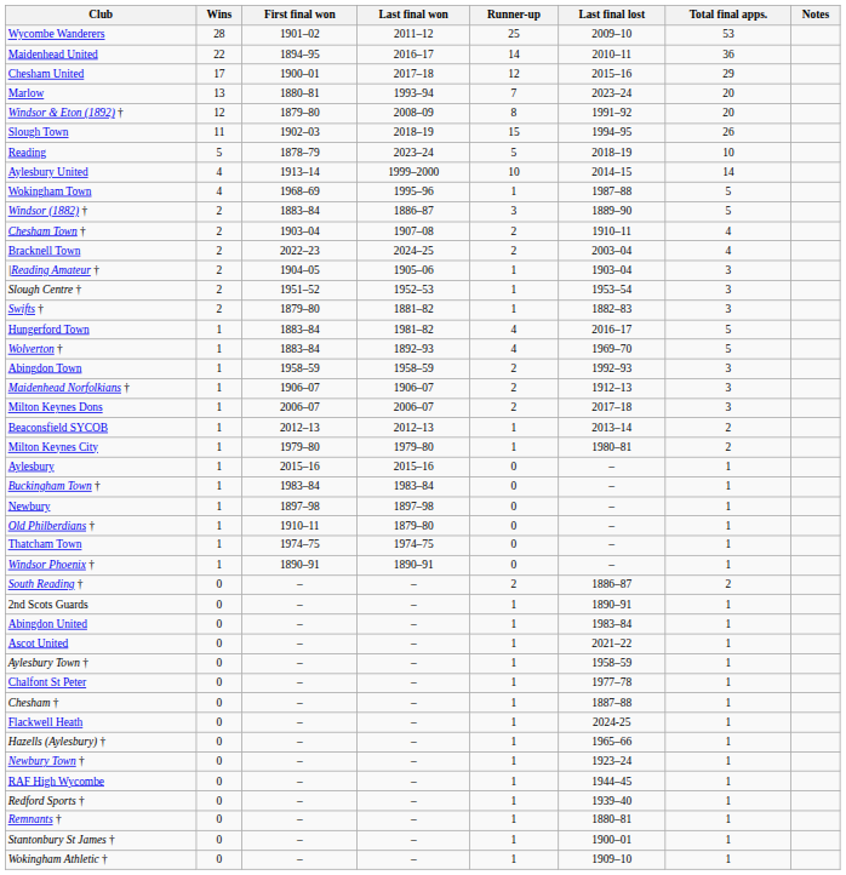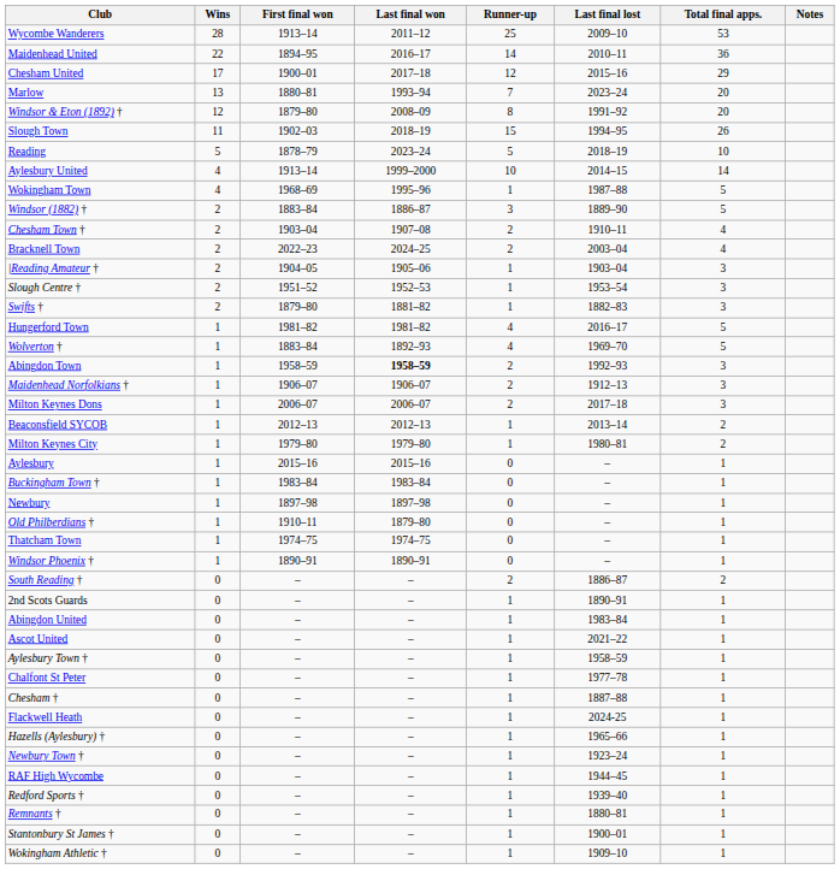 <table class="wikitable sortable" style="text-align: center; width: 100%; font-size: 12px">
 <tr>
 <th>Club</th>
 <th>Wins</th>
 <th>First final won</th>
 <th>Last final won</th>
 <th>Runner-up</th>
 <th>Last final lost</th>
 <th>Total final apps.</th>
 <th>Notes</th>
 </tr>
 <tr>
 <td style="text-align: left"><a href='#'>Wycombe Wanderers</a></td>
 <td>28</td>
-<td>1901–02</td>
+<td>1913–14</td>
 <td>2011–12</td>
 <td>25</td>
 <td>2009–10</td>
 <td>53</td>
 <td></td>
 </tr>
 <tr>
 <td style="text-align: left"><a href='#'>Maidenhead United</a></td>
 <td>22</td>
 <td>1894–95</td>
 <td>2016–17</td>
 <td>14</td>
 <td>2010–11</td>
 <td>36</td>
 <td></td>
 </tr>
 <tr>
 <td style="text-align: left"><a href='#'>Chesham United</a></td>
 <td>17</td>
 <td>1900–01</td>
 <td>2017–18</td>
 <td>12</td>
 <td>2015–16</td>
 <td>29</td>
 <td></td>
 </tr>
 <tr>
 <td style="text-align: left"><a href='#'>Marlow</a></td>
 <td>13</td>
 <td>1880–81</td>
 <td>1993–94</td>
 <td>7</td>
 <td>2023–24</td>
 <td>20</td>
 <td></td>
 </tr>
 <tr>
 <td style="text-align: left"><em><a href='#'>Windsor & Eton (1892)</a></em> †</td>
 <td>12</td>
 <td>1879–80</td>
 <td>2008–09</td>
 <td>8</td>
 <td>1991–92</td>
 <td>20</td>
 <td></td>
 </tr>
 <tr>
 <td style="text-align: left"><a href='#'>Slough Town</a></td>
 <td>11</td>
 <td>1902–03</td>
 <td>2018–19</td>
 <td>15</td>
 <td>1994–95</td>
 <td>26</td>
 <td></td>
 </tr>
 <tr>
 <td style="text-align: left"><a href='#'>Reading</a></td>
 <td>5</td>
 <td>1878–79</td>
 <td>2023–24</td>
 <td>5</td>
 <td>2018–19</td>
 <td>10</td>
 <td></td>
 </tr>
 <tr>
 <td style="text-align: left"><a href='#'>Aylesbury United</a></td>
 <td>4</td>
 <td>1913–14</td>
 <td>1999–2000</td>
 <td>10</td>
 <td>2014–15</td>
 <td>14</td>
 <td></td>
 </tr>
 <tr>
 <td style="text-align: left"><a href='#'>Wokingham Town</a></td>
 <td>4</td>
 <td>1968–69</td>
 <td>1995–96</td>
 <td>1</td>
 <td>1987–88</td>
 <td>5</td>
 <td></td>
 </tr>
 <tr>
 <td style="text-align: left"><em><a href='#'>Windsor (1882)</a></em> †</td>
 <td>2</td>
 <td>1883–84</td>
 <td>1886–87</td>
 <td>3</td>
 <td>1889–90</td>
 <td>5</td>
 <td></td>
 </tr>
 <tr>
 <td style="text-align: left"><em><a href='#'>Chesham Town</a></em> †</td>
 <td>2</td>
 <td>1903–04</td>
 <td>1907–08</td>
 <td>2</td>
 <td>1910–11</td>
 <td>4</td>
 <td></td>
 </tr>
 <tr>
 <td style="text-align: left"><a href='#'>Bracknell Town</a></td>
 <td>2</td>
 <td>2022–23</td>
 <td>2024–25</td>
 <td>2</td>
 <td>2003–04</td>
 <td>4</td>
 <td></td>
 </tr>
 <tr>
 <td style="text-align: left"><em>|<a href='#'>Reading Amateur</a></em> †</td>
 <td>2</td>
 <td>1904–05</td>
 <td>1905–06</td>
 <td>1</td>
 <td>1903–04</td>
 <td>3</td>
 <td></td>
 </tr>
 <tr>
 <td style="text-align: left"><em>Slough Centre</em> †</td>
 <td>2</td>
 <td>1951–52</td>
 <td>1952–53</td>
 <td>1</td>
 <td>1953–54</td>
 <td>3</td>
 <td></td>
 </tr>
 <tr>
 <td style="text-align: left"><em><a href='#'>Swifts</a></em> †</td>
 <td>2</td>
 <td>1879–80</td>
 <td>1881–82</td>
 <td>1</td>
 <td>1882–83</td>
 <td>3</td>
 <td></td>
 </tr>
 <tr>
 <td style="text-align: left"><a href='#'>Hungerford Town</a></td>
 <td>1</td>
-<td>1883–84</td>
+<td>1981–82</td>
 <td>1981–82</td>
 <td>4</td>
 <td>2016–17</td>
 <td>5</td>
 <td></td>
 </tr>
 <tr>
 <td style="text-align: left"><em><a href='#'>Wolverton</a></em> †</td>
 <td>1</td>
 <td>1883–84</td>
 <td>1892–93</td>
 <td>4</td>
 <td>1969–70</td>
 <td>5</td>
 <td></td>
 </tr>
 <tr>
 <td style="text-align: left"><a href='#'>Abingdon Town</a></td>
 <td>1</td>
 <td>1958–59</td>
-<td>1958–59</td>
+<td><strong>1958–59</strong></td>
 <td>2</td>
 <td>1992–93</td>
 <td>3</td>
 <td></td>
 </tr>
 <tr>
 <td style="text-align: left"><em><a href='#'>Maidenhead Norfolkians</a></em> †</td>
 <td>1</td>
 <td>1906–07</td>
 <td>1906–07</td>
 <td>2</td>
 <td>1912–13</td>
 <td>3</td>
 <td></td>
 </tr>
 <tr>
 <td style="text-align: left"><a href='#'>Milton Keynes Dons</a></td>
 <td>1</td>
 <td>2006–07</td>
 <td>2006–07</td>
 <td>2</td>
 <td>2017–18</td>
 <td>3</td>
 <td></td>
 </tr>
 <tr>
 <td style="text-align: left"><a href='#'>Beaconsfield SYCOB</a></td>
 <td>1</td>
 <td>2012–13</td>
 <td>2012–13</td>
 <td>1</td>
 <td>2013–14</td>
 <td>2</td>
 <td></td>
 </tr>
 <tr>
 <td style="text-align: left"><a href='#'>Milton Keynes City</a></td>
 <td>1</td>
 <td>1979–80</td>
 <td>1979–80</td>
 <td>1</td>
 <td>1980–81</td>
 <td>2</td>
 <td></td>
 </tr>
 <tr>
 <td style="text-align: left"><a href='#'>Aylesbury</a></td>
 <td>1</td>
 <td>2015–16</td>
 <td>2015–16</td>
 <td>0</td>
 <td>–</td>
 <td>1</td>
 <td></td>
 </tr>
 <tr>
 <td style="text-align: left"><em><a href='#'>Buckingham Town</a></em> †</td>
 <td>1</td>
 <td>1983–84</td>
 <td>1983–84</td>
 <td>0</td>
 <td>–</td>
 <td>1</td>
 <td></td>
 </tr>
 <tr>
 <td style="text-align: left"><a href='#'>Newbury</a></td>
 <td>1</td>
 <td>1897–98</td>
 <td>1897–98</td>
 <td>0</td>
 <td>–</td>
 <td>1</td>
 <td></td>
 </tr>
 <tr>
 <td style="text-align: left"><em><a href='#'>Old Philberdians</a></em> †</td>
 <td>1</td>
 <td>1910–11</td>
 <td>1879–80</td>
 <td>0</td>
 <td>–</td>
 <td>1</td>
 <td></td>
 </tr>
 <tr>
 <td style="text-align: left"><a href='#'>Thatcham Town</a></td>
 <td>1</td>
 <td>1974–75</td>
 <td>1974–75</td>
 <td>0</td>
 <td>–</td>
 <td>1</td>
 <td></td>
 </tr>
 <tr>
 <td style="text-align: left"><em><a href='#'>Windsor Phoenix</a></em> †</td>
 <td>1</td>
 <td>1890–91</td>
 <td>1890–91</td>
 <td>0</td>
 <td>–</td>
 <td>1</td>
 <td></td>
 </tr>
 <tr>
 <td style="text-align: left"><em><a href='#'>South Reading</a></em> †</td>
 <td>0</td>
 <td>–</td>
 <td>–</td>
 <td>2</td>
 <td>1886–87</td>
 <td>2</td>
 <td></td>
 </tr>
 <tr>
 <td style="text-align: left">2nd Scots Guards</td>
 <td>0</td>
 <td>–</td>
 <td>–</td>
 <td>1</td>
 <td>1890–91</td>
 <td>1</td>
 <td></td>
 </tr>
 <tr>
 <td style="text-align: left"><a href='#'>Abingdon United</a></td>
 <td>0</td>
 <td>–</td>
 <td>–</td>
 <td>1</td>
 <td>1983–84</td>
 <td>1</td>
 <td></td>
 </tr>
 <tr>
 <td style="text-align: left"><a href='#'>Ascot United</a></td>
 <td>0</td>
 <td>–</td>
 <td>–</td>
 <td>1</td>
 <td>2021–22</td>
 <td>1</td>
 <td></td>
 </tr>
 <tr>
 <td style="text-align: left"><em>Aylesbury Town</em> †</td>
 <td>0</td>
 <td>–</td>
 <td>–</td>
 <td>1</td>
 <td>1958–59</td>
 <td>1</td>
 <td></td>
 </tr>
 <tr>
 <td style="text-align: left"><a href='#'>Chalfont St Peter</a></td>
 <td>0</td>
 <td>–</td>
 <td>–</td>
 <td>1</td>
 <td>1977–78</td>
 <td>1</td>
 <td></td>
 </tr>
 <tr>
 <td style="text-align: left"><em>Chesham</em> †</td>
 <td>0</td>
 <td>–</td>
 <td>–</td>
 <td>1</td>
 <td>1887–88</td>
 <td>1</td>
 <td></td>
 </tr>
 <tr>
 <td style="text-align: left"><a href='#'>Flackwell Heath</a></td>
 <td>0</td>
 <td>–</td>
 <td>–</td>
 <td>1</td>
 <td>2024-25</td>
 <td>1</td>
 <td></td>
 </tr>
 <tr>
 <td style="text-align: left"><em>Hazells (Aylesbury)</em> †</td>
 <td>0</td>
 <td>–</td>
 <td>–</td>
 <td>1</td>
 <td>1965–66</td>
 <td>1</td>
 <td></td>
 </tr>
 <tr>
 <td style="text-align: left"><em><a href='#'>Newbury Town</a></em> †</td>
 <td>0</td>
 <td>–</td>
 <td>–</td>
 <td>1</td>
 <td>1923–24</td>
 <td>1</td>
 <td></td>
 </tr>
 <tr>
 <td style="text-align: left"><a href='#'>RAF High Wycombe</a></td>
 <td>0</td>
 <td>–</td>
 <td>–</td>
 <td>1</td>
 <td>1944–45</td>
 <td>1</td>
 <td></td>
 </tr>
 <tr>
 <td style="text-align: left"><em>Redford Sports</em> †</td>
 <td>0</td>
 <td>–</td>
 <td>–</td>
 <td>1</td>
 <td>1939–40</td>
 <td>1</td>
 <td></td>
 </tr>
 <tr>
 <td style="text-align: left"><em><a href='#'>Remnants</a></em> †</td>
 <td>0</td>
 <td>–</td>
 <td>–</td>
 <td>1</td>
 <td>1880–81</td>
 <td>1</td>
 <td></td>
 </tr>
 <tr>
 <td style="text-align: left"><em>Stantonbury St James</em> †</td>
 <td>0</td>
 <td>–</td>
 <td>–</td>
 <td>1</td>
 <td>1900–01</td>
 <td>1</td>
 <td></td>
 </tr>
 <tr>
 <td style="text-align: left"><em>Wokingham Athletic</em> †</td>
 <td>0</td>
 <td>–</td>
 <td>–</td>
 <td>1</td>
 <td>1909–10</td>
 <td>1</td>
 <td></td>
 </tr>
 </table>
